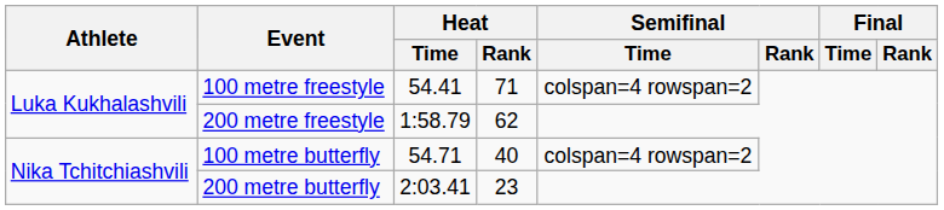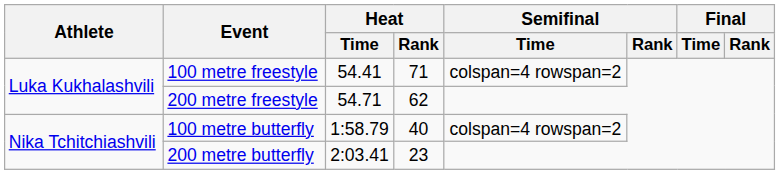 <table class="wikitable" style="text-align:center; font-size:90%; width:50%;">
 <tr>
 <th rowspan="2">Athlete</th>
 <th rowspan="2">Event</th>
 <th colspan="2">Heat</th>
 <th colspan="2">Semifinal</th>
 <th colspan="2">Final</th>
 </tr>
 <tr style="font-size:95%">
 <th>Time</th>
 <th>Rank</th>
 <th>Time</th>
 <th>Rank</th>
 <th>Time</th>
 <th>Rank</th>
 </tr>
 <tr align=center>
 <td align=left rowspan=2><a href='#'>Luka Kukhalashvili</a></td>
 <td align=left><a href='#'>100 metre freestyle</a></td>
 <td>54.41</td>
 <td>71</td>
 <td>colspan=4  rowspan=2 </td>
 </tr>
 <tr align=center>
 <td align=left><a href='#'>200 metre freestyle</a></td>
-<td>1:58.79</td>
+<td>54.71</td>
 <td>62</td>
 </tr>
 <tr align=center>
 <td align=left rowspan=2><a href='#'>Nika Tchitchiashvili</a></td>
 <td align=left><a href='#'>100 metre butterfly</a></td>
-<td>54.71</td>
+<td>1:58.79</td>
 <td>40</td>
 <td>colspan=4  rowspan=2 </td>
 </tr>
 <tr align=center>
 <td align=left><a href='#'>200 metre butterfly</a></td>
 <td>2:03.41</td>
 <td>23</td>
 </tr>
 </table>
